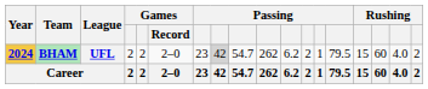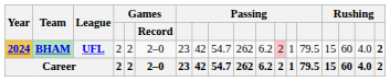 <table class="wikitable" style="text-align:center;">
 <tr>
 <th rowspan="2">Year</th>
 <th rowspan="2">Team</th>
 <th rowspan="2">League</th>
 <th colspan="3">Games</th>
 <th colspan="8">Passing</th>
 <th colspan="4">Rushing</th>
 </tr>
 <tr>
 <th></th>
 <th></th>
 <th>Record</th>
 <th></th>
 <th></th>
 <th></th>
 <th></th>
 <th></th>
 <th></th>
 <th></th>
 <th></th>
 <th></th>
 <th></th>
 <th></th>
 <th></th>
 </tr>
 <tr>
 <th style="background:#f4c842;"><a href='#'>2024</a></th>
 <th style="background:#afe6ba;"><a href='#'>BHAM</a></th>
 <th><a href='#'>UFL</a></th>
 <td>2</td>
 <td>2</td>
 <td>2–0</td>
 <td>23</td>
-<td style="background: lightgrey;">42</td>
+<td>42</td>
 <td>54.7</td>
 <td>262</td>
 <td>6.2</td>
-<td>2</td>
+<td style="background: pink;">2</td>
 <td>1</td>
 <td>79.5</td>
 <td>15</td>
 <td>60</td>
 <td>4.0</td>
-<td>2</td>
+<td><strong>2</strong></td>
 </tr>
 <tr>
 <th colspan="3">Career</th>
 <th>2</th>
 <th>2</th>
 <th>2–0</th>
 <th>23</th>
 <th>42</th>
 <th>54.7</th>
 <th>262</th>
 <th>6.2</th>
 <th>2</th>
 <th>1</th>
 <th>79.5</th>
 <th>15</th>
 <th>60</th>
 <th>4.0</th>
 <th>2</th>
 </tr>
 </table>
